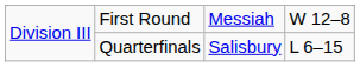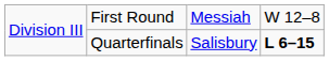 <table class="wikitable">
 <tr>
 <td rowspan="5"><a href='#'>Division III</a></td>
 <td>First Round</td>
 <td><a href='#'>Messiah</a></td>
 <td>W 12–8</td>
 </tr>
 <tr>
 <td>Quarterfinals</td>
 <td><a href='#'>Salisbury</a></td>
-<td>L 6–15</td>
+<td><strong>L 6–15</strong></td>
 </tr>
 </table>
